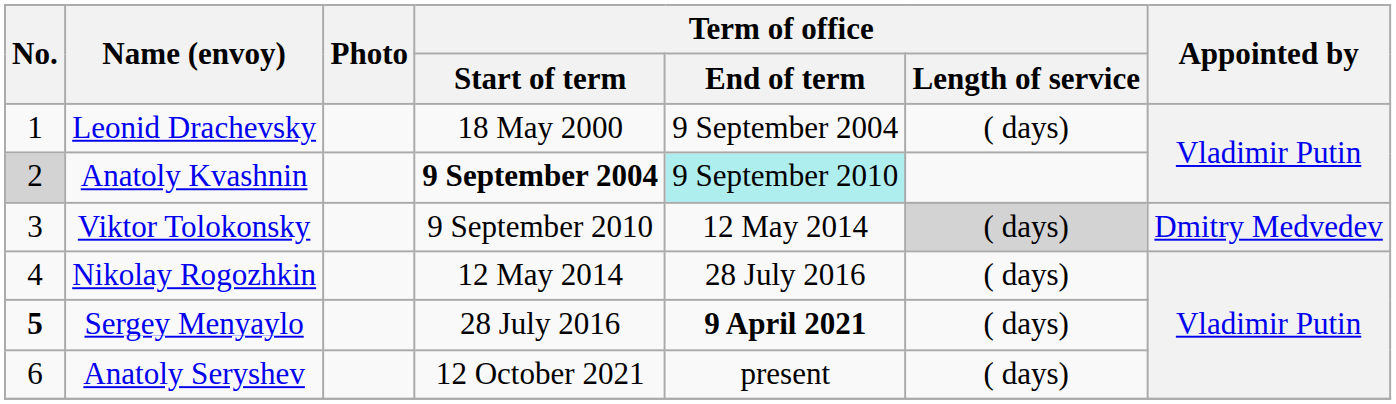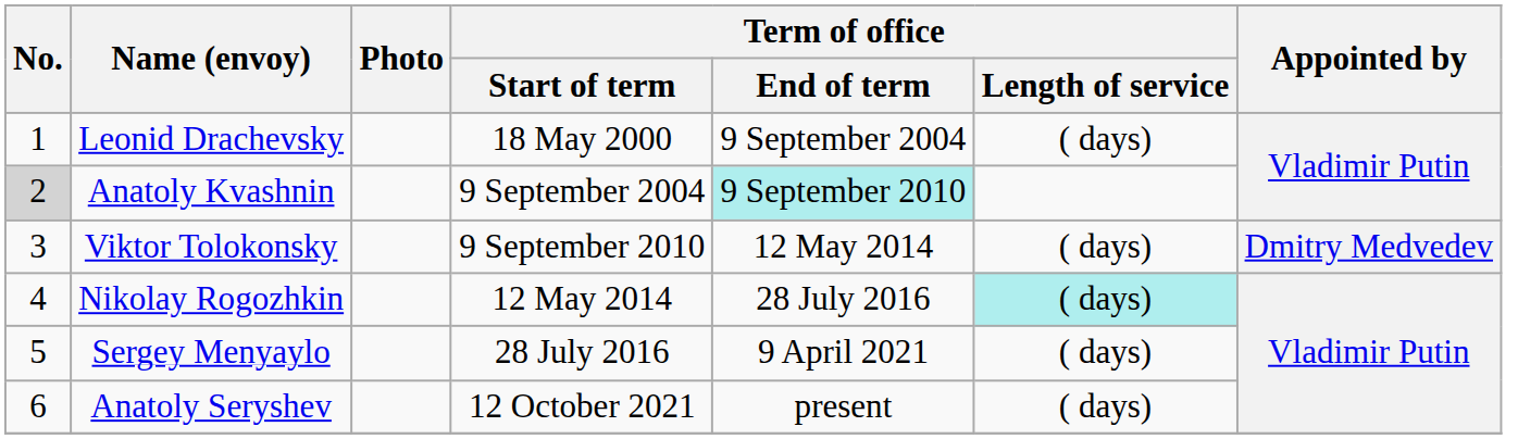 <table class="wikitable" style="text-align:center">
 <tr>
 <th rowspan="2">No.</th>
 <th rowspan="2">Name (envoy)</th>
 <th rowspan="2">Photo</th>
 <th colspan="3">Term of office</th>
 <th rowspan="2">Appointed by</th>
 </tr>
 <tr>
 <th>Start of term</th>
 <th>End of term</th>
 <th>Length of service</th>
 </tr>
 <tr>
 <td>1</td>
 <td><a href='#'>Leonid Drachevsky</a></td>
 <td></td>
 <td>18 May 2000</td>
 <td>9 September 2004</td>
 <td> ( days)</td>
 <th style="font-weight:normal" rowspan=2><a href='#'>Vladimir Putin</a></th>
 </tr>
 <tr>
 <td style="background: lightgrey;">2</td>
 <td><a href='#'>Anatoly Kvashnin</a></td>
 <td></td>
-<td><strong>9 September 2004</strong></td>
+<td>9 September 2004</td>
 <td style="background: paleturquoise;">9 September 2010</td>
 <td></td>
 </tr>
 <tr>
 <td>3</td>
 <td><a href='#'>Viktor Tolokonsky</a></td>
 <td></td>
 <td>9 September 2010</td>
 <td>12 May 2014</td>
-<td style="background: lightgrey;"> ( days)</td>
+<td> ( days)</td>
 <th style="font-weight:normal"><a href='#'>Dmitry Medvedev</a></th>
 </tr>
 <tr>
 <td>4</td>
 <td><a href='#'>Nikolay Rogozhkin</a></td>
 <td></td>
 <td>12 May 2014</td>
 <td>28 July 2016</td>
-<td> ( days)</td>
+<td style="background: paleturquoise;"> ( days)</td>
 <th style="font-weight:normal" rowspan=3><a href='#'>Vladimir Putin</a></th>
 </tr>
 <tr>
-<td><strong>5</strong></td>
+<td>5</td>
 <td><a href='#'>Sergey Menyaylo</a></td>
 <td></td>
 <td>28 July 2016</td>
-<td><strong>9 April 2021</strong></td>
+<td>9 April 2021</td>
 <td> ( days)</td>
 </tr>
 <tr>
 <td>6</td>
 <td><a href='#'>Anatoly Seryshev</a></td>
 <td></td>
 <td>12 October 2021</td>
 <td>present</td>
 <td> ( days)</td>
 </tr>
 <tr>
 </tr>
 </table>
